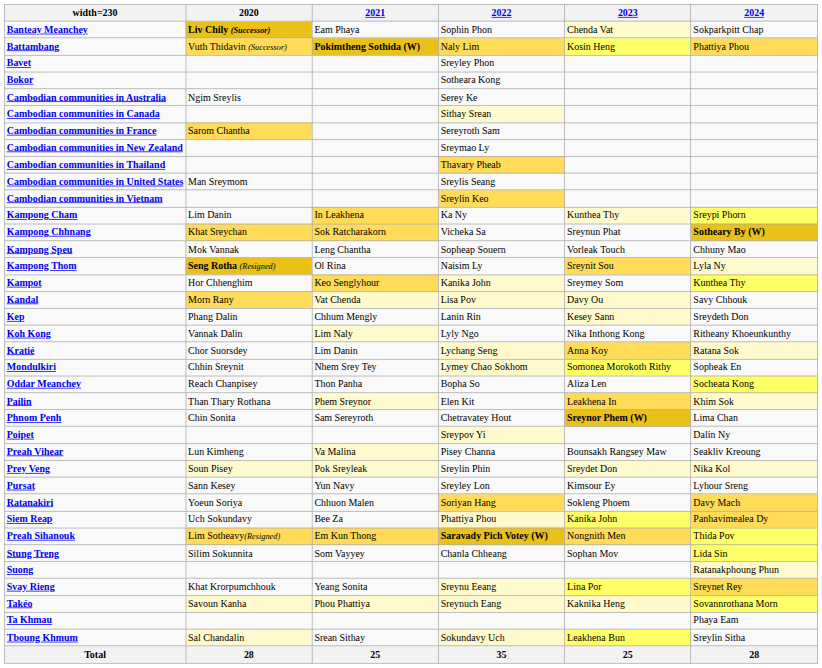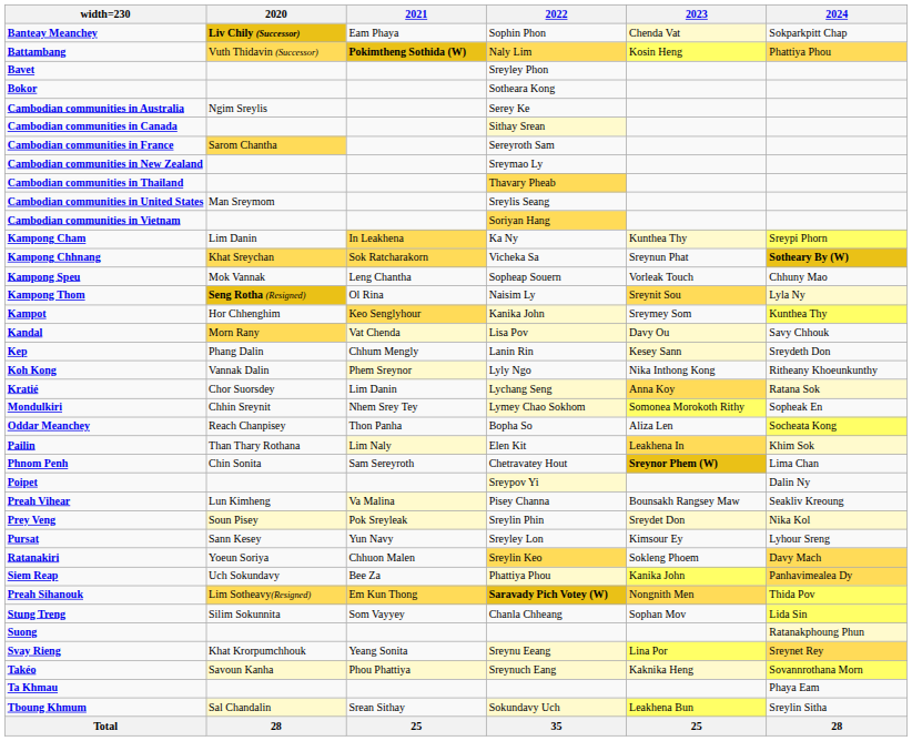 <table class="wikitable" style="font-size: 82%";>
 <tr>
 <th>width=230 </th>
 <th width=160>2020</th>
 <th width="160"><a href='#'>2021</a></th>
 <th width="160"><a href='#'>2022</a></th>
 <th width="160"><a href='#'>2023</a></th>
 <th width="160"><a href='#'>2024</a></th>
 </tr>
 <tr>
 <td><a href='#'><strong>Banteay Meanchey</strong></a></td>
 <td bgcolor=#EAC117><strong>Liv Chily <small> <em>(Successor)</em></small></strong></td>
 <td>Eam Phaya</td>
 <td>Sophin Phon</td>
 <td bgcolor="#FFFACD">Chenda Vat</td>
 <td>Sokparkpitt Chap</td>
 </tr>
 <tr>
 <td><a href='#'><strong>Battambang</strong></a></td>
 <td bgcolor=#FFDB58>Vuth Thidavin <small> <em>(Successor)</em></small></td>
 <td bgcolor="#EAC117"><strong>Pokimtheng Sothida (W)</strong></td>
 <td bgcolor=#FFDB58>Naly Lim</td>
 <td bgcolor="#FFFF66">Kosin Heng</td>
 <td bgcolor=#FFDB58>Phattiya Phou</td>
 </tr>
 <tr>
 <td><strong><a href='#'>Bavet</a></strong></td>
 <td></td>
 <td></td>
 <td>Sreyley Phon</td>
 <td></td>
 <td></td>
 </tr>
 <tr>
 <td><strong><a href='#'>Bokor</a></strong></td>
 <td></td>
 <td></td>
 <td>Sotheara Kong</td>
 <td></td>
 <td></td>
 </tr>
 <tr>
 <td><strong><a href='#'>Cambodian communities in Australia</a></strong></td>
 <td>Ngim Sreylis</td>
 <td></td>
 <td>Serey Ke</td>
 <td></td>
 <td></td>
 </tr>
 <tr>
 <td><strong><a href='#'>Cambodian communities in Canada</a></strong></td>
 <td></td>
 <td></td>
 <td bgcolor="#FFFACD">Sithay Srean</td>
 <td></td>
 <td></td>
 </tr>
 <tr>
 <td><strong><a href='#'>Cambodian communities in France</a></strong></td>
 <td bgcolor="#FFDB58">Sarom Chantha</td>
 <td></td>
 <td>Sereyroth Sam</td>
 <td></td>
 <td></td>
 </tr>
 <tr>
 <td><strong><a href='#'>Cambodian communities in New Zealand</a></strong></td>
 <td></td>
 <td></td>
 <td>Sreymao Ly</td>
 <td></td>
 <td></td>
 </tr>
 <tr>
 <td><strong><a href='#'>Cambodian communities in Thailand</a></strong></td>
 <td></td>
 <td></td>
 <td bgcolor=#FFDB58>Thavary Pheab</td>
 <td></td>
 <td></td>
 </tr>
 <tr>
 <td><strong><a href='#'>Cambodian communities in United States</a></strong></td>
 <td>Man Sreymom</td>
 <td></td>
 <td>Sreylis Seang</td>
 <td></td>
 <td></td>
 </tr>
 <tr>
 <td><strong><a href='#'>Cambodian communities in Vietnam</a></strong></td>
 <td></td>
 <td></td>
-<td bgcolor=#FFDB58>Sreylin Keo</td>
+<td bgcolor=#FFDB58>Soriyan Hang</td>
 <td></td>
 <td></td>
 </tr>
 <tr>
 <td><a href='#'><strong>Kampong Cham</strong></a></td>
 <td>Lim Danin</td>
 <td bgcolor="#FFDB58">In Leakhena</td>
 <td>Ka Ny</td>
 <td bgcolor="#FFFACD">Kunthea Thy</td>
 <td bgcolor="#FFFF66">Sreypi Phorn</td>
 </tr>
 <tr>
 <td><a href='#'><strong>Kampong Chhnang</strong></a></td>
 <td bgcolor="#FFDB58">Khat Sreychan</td>
 <td bgcolor="#FFDB58">Sok Ratcharakorn</td>
 <td>Vicheka Sa</td>
 <td>Sreynun Phat</td>
 <td bgcolor="#EAC117"><strong>Sotheary By (W)</strong></td>
 </tr>
 <tr>
 <td><a href='#'><strong>Kampong Speu</strong></a></td>
 <td>Mok Vannak</td>
 <td>Leng Chantha</td>
 <td>Sopheap Souern</td>
 <td>Vorleak Touch</td>
 <td>Chhuny Mao</td>
 </tr>
 <tr>
 <td><a href='#'><strong>Kampong Thom</strong></a></td>
 <td bgcolor="#EAC117"><strong>Seng Rotha</strong> <small><em>(Resigned)</em></small></td>
 <td>Ol Rina</td>
 <td>Naisim Ly</td>
 <td bgcolor=#FFDB58>Sreynit Sou</td>
 <td bgcolor="#FFFACD">Lyla Ny</td>
 </tr>
 <tr>
 <td><a href='#'><strong>Kampot</strong></a></td>
 <td>Hor Chhenghim</td>
 <td bgcolor="#FFDB58">Keo Senglyhour</td>
 <td bgcolor="#FFFACD">Kanika John</td>
 <td>Sreymey Som</td>
 <td bgcolor="#FFFF66">Kunthea Thy</td>
 </tr>
 <tr>
 <td><a href='#'><strong>Kandal</strong></a></td>
 <td bgcolor="#FFDB58">Morn Rany</td>
 <td bgcolor="#FFFACD">Vat Chenda</td>
 <td bgcolor="#FFFACD">Lisa Pov</td>
 <td bgcolor="#FFFACD">Davy Ou</td>
 <td>Savy Chhouk</td>
 </tr>
 <tr>
 <td><a href='#'><strong>Kep</strong></a></td>
 <td>Phang Dalin</td>
 <td>Chhum Mengly</td>
 <td>Lanin Rin</td>
 <td bgcolor="#FFFACD">Kesey Sann</td>
 <td>Sreydeth Don</td>
 </tr>
 <tr>
 <td><a href='#'><strong>Koh Kong</strong></a></td>
 <td>Vannak Dalin</td>
-<td bgcolor="#FFFACD">Lim Naly</td>
+<td bgcolor="#FFFACD">Phem Sreynor</td>
 <td>Lyly Ngo</td>
 <td>Nika Inthong Kong</td>
 <td>Ritheany Khoeunkunthy</td>
 </tr>
 <tr>
 <td><strong><a href='#'>Kratié</a></strong></td>
 <td>Chor Suorsdey</td>
 <td>Lim Danin</td>
 <td bgcolor="#FFFACD">Lychang Seng</td>
 <td bgcolor=#FFDB58>Anna Koy</td>
 <td bgcolor="#FFFACD">Ratana Sok</td>
 </tr>
 <tr>
 <td><a href='#'><strong>Mondulkiri</strong></a></td>
 <td>Chhin Sreynit</td>
 <td>Nhem Srey Tey</td>
 <td bgcolor="#FFFACD">Lymey Chao Sokhom</td>
 <td bgcolor="#FFFF66">Somonea Morokoth Rithy</td>
 <td>Sopheak En</td>
 </tr>
 <tr>
 <td><a href='#'><strong>Oddar Meanchey</strong></a></td>
 <td>Reach Chanpisey</td>
 <td>Thon Panha</td>
 <td>Bopha So</td>
 <td>Aliza Len</td>
 <td bgcolor="#FFFF66">Socheata Kong</td>
 </tr>
 <tr>
 <td><a href='#'><strong>Pailin</strong></a></td>
 <td>Than Thary Rothana</td>
-<td bgcolor="#FFFACD">Phem Sreynor</td>
+<td bgcolor="#FFFACD">Lim Naly</td>
 <td>Elen Kit</td>
 <td bgcolor=#FFDB58>Leakhena In</td>
 <td bgcolor="#FFFACD">Khim Sok</td>
 </tr>
 <tr>
 <td><strong><a href='#'>Phnom Penh</a></strong></td>
 <td>Chin Sonita</td>
 <td>Sam Sereyroth</td>
 <td>Chetravatey Hout</td>
 <td bgcolor="#EAC117"><strong>Sreynor Phem (W)</strong></td>
 <td>Lima Chan</td>
 </tr>
 <tr>
 <td><strong><a href='#'>Poipet</a></strong></td>
 <td></td>
 <td></td>
 <td bgcolor="#FFFACD">Sreypov Yi</td>
 <td></td>
 <td>Dalin Ny</td>
 </tr>
 <tr>
 <td><a href='#'><strong>Preah Vihear</strong></a></td>
 <td>Lun Kimheng</td>
 <td bgcolor="#FFFACD">Va Malina</td>
 <td>Pisey Channa</td>
 <td>Bounsakh Rangsey Maw</td>
 <td>Seakliv Kreoung</td>
 </tr>
 <tr>
 <td><a href='#'><strong>Prey Veng</strong></a></td>
 <td bgcolor="#FFFACD">Soun Pisey</td>
 <td bgcolor="#FFFACD">Pok Sreyleak</td>
 <td>Sreylin Phin</td>
 <td bgcolor="#FFFACD">Sreydet Don</td>
 <td bgcolor="#FFFACD">Nika Kol</td>
 </tr>
 <tr>
 <td><a href='#'><strong>Pursat</strong></a></td>
 <td>Sann Kesey</td>
 <td>Yun Navy</td>
 <td>Sreyley Lon</td>
 <td>Kimsour Ey</td>
 <td>Lyhour Sreng</td>
 </tr>
 <tr>
 <td><a href='#'><strong>Ratanakiri</strong></a></td>
 <td>Yoeun Soriya</td>
 <td>Chhuon Malen</td>
-<td bgcolor=#FFDB58>Soriyan Hang</td>
+<td bgcolor=#FFDB58>Sreylin Keo</td>
 <td>Sokleng Phoem</td>
 <td bgcolor=#FFDB58>Davy Mach</td>
 </tr>
 <tr>
 <td><a href='#'><strong>Siem Reap</strong></a></td>
 <td>Uch Sokundavy</td>
 <td>Bee Za</td>
 <td bgcolor="#FFFACD">Phattiya Phou</td>
 <td bgcolor="#FFFF66">Kanika John</td>
 <td bgcolor=#FFDB58>Panhavimealea Dy</td>
 </tr>
 <tr>
 <td><a href='#'><strong>Preah Sihanouk</strong></a></td>
 <td bgcolor="#FFDB58">Lim Sotheavy<small><em>(Resigned)</em></small></td>
 <td bgcolor="#FFDB58">Em Kun Thong</td>
 <td bgcolor="#EAC117"><strong>Saravady Pich Votey (W)</strong></td>
 <td bgcolor=#FFDB58>Nongnith Men</td>
 <td bgcolor="#FFFF66">Thida Pov</td>
 </tr>
 <tr>
 <td><a href='#'><strong>Stung Treng</strong></a></td>
 <td>Silim Sokunnita</td>
 <td>Som Vayyey</td>
 <td>Chanla Chheang</td>
 <td>Sophan Mov</td>
 <td bgcolor="#FFFF66">Lida Sin</td>
 </tr>
 <tr>
 <td><strong><a href='#'>Suong</a></strong></td>
 <td></td>
 <td></td>
 <td></td>
 <td></td>
 <td bgcolor="#FFFACD">Ratanakphoung Phun</td>
 </tr>
 <tr>
 <td><a href='#'><strong>Svay Rieng</strong></a></td>
 <td>Khat Krorpumchhouk</td>
 <td>Yeang Sonita</td>
 <td bgcolor="#FFFACD">Sreynu Eeang</td>
 <td bgcolor="#FFFF66">Lina Por</td>
 <td bgcolor=#FFDB58>Sreynet Rey</td>
 </tr>
 <tr>
 <td><strong><a href='#'>Takéo</a></strong></td>
 <td bgcolor="#FFFACD">Savoun Kanha</td>
 <td bgcolor="#FFFACD">Phou Phattiya</td>
 <td bgcolor="#FFFACD">Sreynuch Eang</td>
 <td bgcolor="#FFFACD">Kaknika Heng</td>
 <td bgcolor="#FFFF66">Sovannrothana Morn</td>
 </tr>
 <tr>
 <td><strong><a href='#'>Ta Khmau</a></strong></td>
 <td></td>
 <td></td>
 <td></td>
 <td></td>
 <td>Phaya Eam</td>
 </tr>
 <tr>
 <td><a href='#'><strong>Tboung Khmum</strong></a></td>
 <td bgcolor="#FFFACD">Sal Chandalin</td>
 <td>Srean Sithay</td>
 <td bgcolor="#FFFACD">Sokundavy Uch</td>
 <td bgcolor="#FFFF66">Leakhena Bun</td>
 <td>Sreylin Sitha</td>
 </tr>
 <tr>
 <th>Total</th>
 <th>28</th>
 <th>25</th>
 <th>35</th>
 <th>25</th>
 <th>28</th>
 </tr>
 </table>
